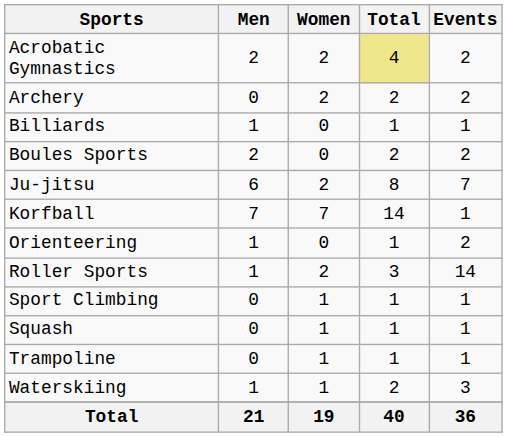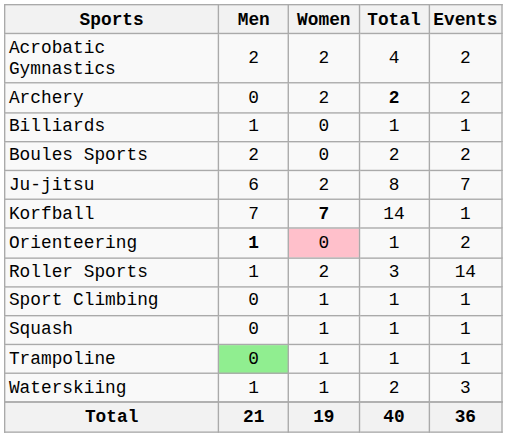 <table class="wikitable sortable" style="text-align:center;">
 <tr>
 <th width=150>Sports</th>
 <th width=45>Men</th>
 <th width=45>Women</th>
 <th width=45>Total</th>
 <th width=45>Events</th>
 </tr>
 <tr>
 <td align=left>Acrobatic Gymnastics</td>
 <td>2</td>
 <td>2</td>
-<td style="background: khaki;">4</td>
+<td>4</td>
 <td>2</td>
 </tr>
 <tr>
 <td align=left>Archery</td>
 <td>0</td>
 <td>2</td>
-<td>2</td>
+<td><strong>2</strong></td>
 <td>2</td>
 </tr>
 <tr>
 <td align=left>Billiards</td>
 <td>1</td>
 <td>0</td>
 <td>1</td>
 <td>1</td>
 </tr>
 <tr>
 <td align=left>Boules Sports</td>
 <td>2</td>
 <td>0</td>
 <td>2</td>
 <td>2</td>
 </tr>
 <tr>
 <td align=left>Ju-jitsu</td>
 <td>6</td>
 <td>2</td>
 <td>8</td>
 <td>7</td>
 </tr>
 <tr>
 <td align=left>Korfball</td>
 <td>7</td>
-<td>7</td>
+<td><strong>7</strong></td>
 <td>14</td>
 <td>1</td>
 </tr>
 <tr>
 <td align=left>Orienteering</td>
-<td>1</td>
-<td>0</td>
+<td><strong>1</strong></td>
+<td style="background: pink;">0</td>
 <td>1</td>
 <td>2</td>
 </tr>
 <tr>
 <td align=left>Roller Sports</td>
 <td>1</td>
 <td>2</td>
 <td>3</td>
 <td>14</td>
 </tr>
 <tr>
 <td align=left>Sport Climbing</td>
 <td>0</td>
 <td>1</td>
 <td>1</td>
 <td>1</td>
 </tr>
 <tr>
 <td align=left>Squash</td>
 <td>0</td>
 <td>1</td>
 <td>1</td>
 <td>1</td>
 </tr>
 <tr>
 <td align=left>Trampoline</td>
-<td>0</td>
+<td style="background: lightgreen;">0</td>
 <td>1</td>
 <td>1</td>
 <td>1</td>
 </tr>
 <tr>
 <td align=left>Waterskiing</td>
 <td>1</td>
 <td>1</td>
 <td>2</td>
 <td>3</td>
 </tr>
 <tr>
 </tr>
 <tr class="sortbottom">
 <th>Total</th>
 <th>21</th>
 <th>19</th>
 <th>40</th>
 <th>36</th>
 </tr>
 </table>
